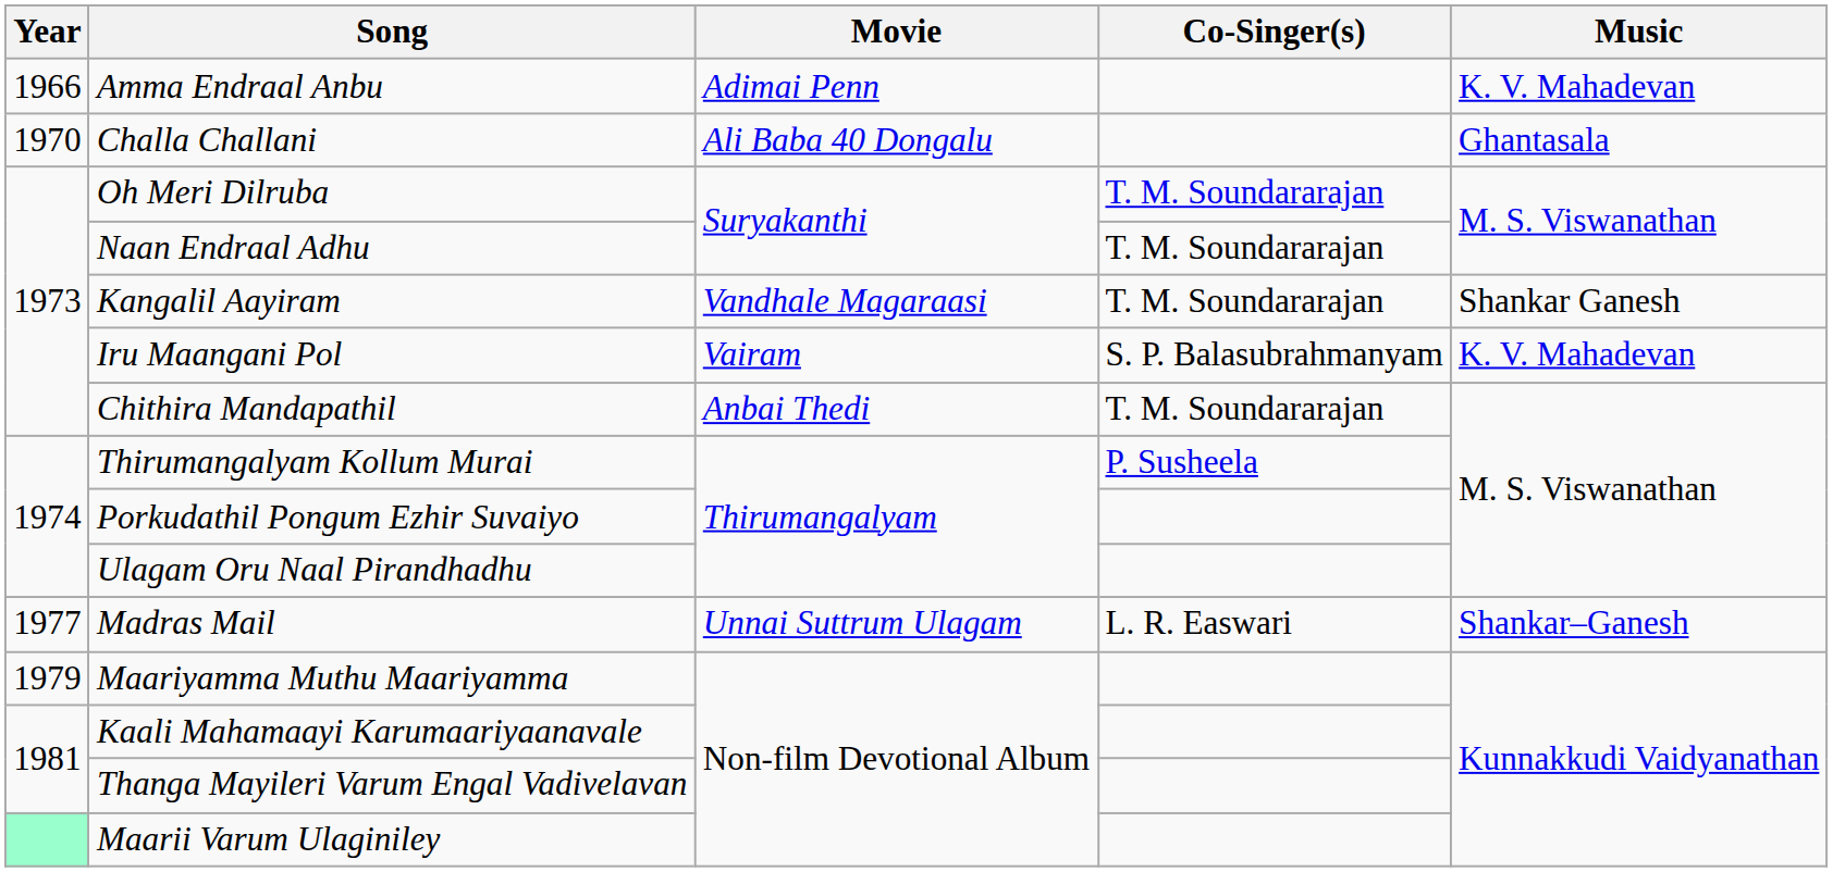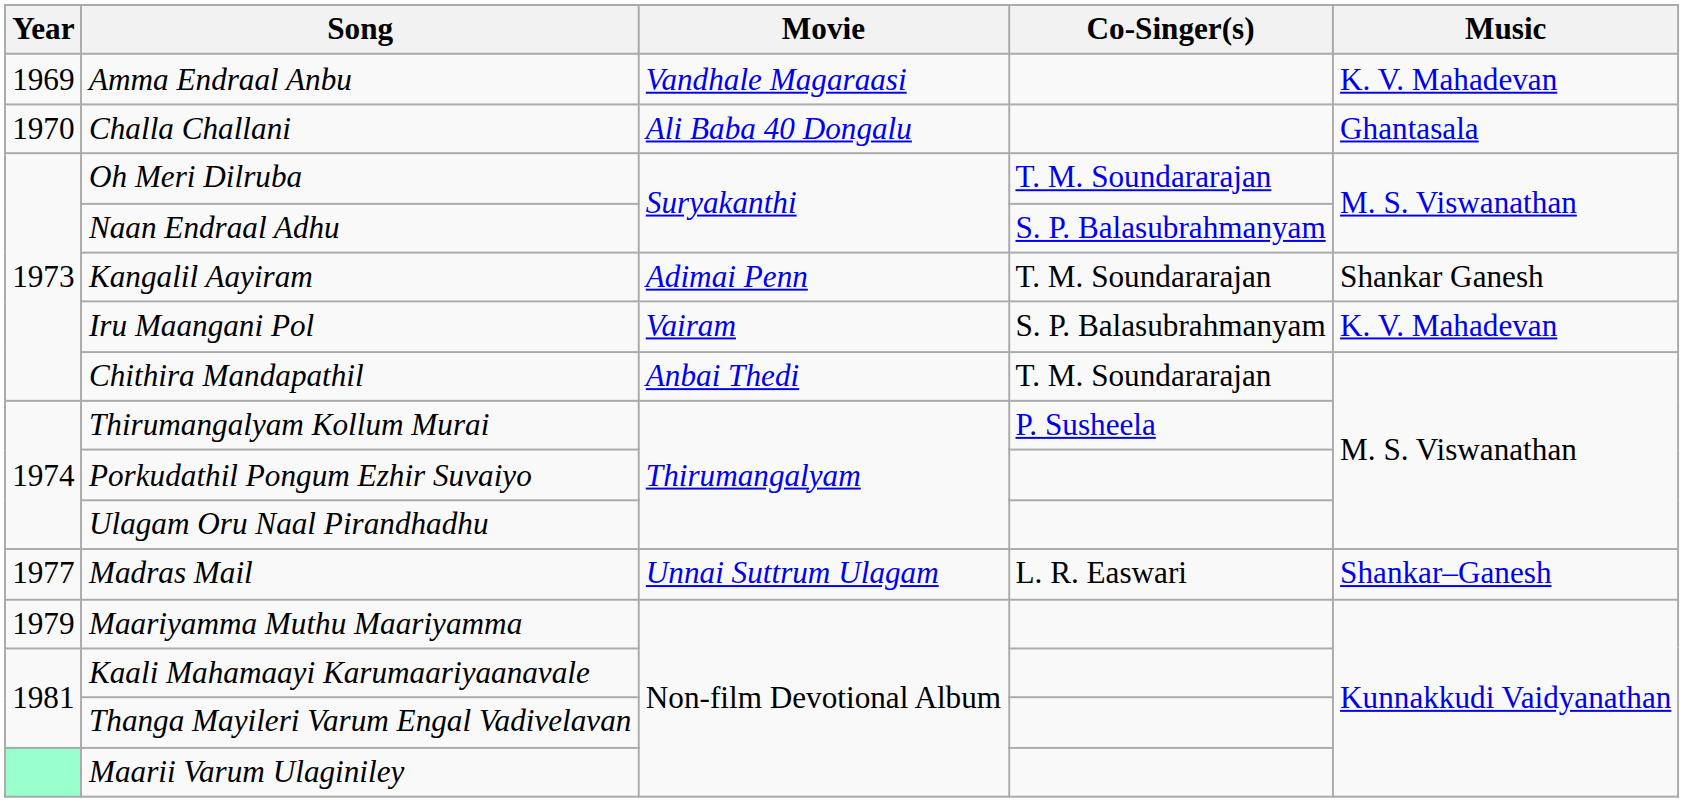 <table class="wikitable">
 <tr style="background:#ccc; text-align:center">
 <th>Year</th>
 <th>Song</th>
 <th>Movie</th>
 <th>Co-Singer(s)</th>
 <th>Music</th>
 </tr>
 <tr>
-<td>1966</td>
+<td>1969</td>
 <td><em>Amma Endraal Anbu</em></td>
-<td><em><a href='#'>Adimai Penn</a></em></td>
+<td><em><a href='#'>Vandhale Magaraasi</a></em></td>
 <td></td>
 <td><a href='#'>K. V. Mahadevan</a></td>
 </tr>
 <tr>
 <td>1970</td>
 <td><em>Challa Challani</em></td>
 <td><em><a href='#'>Ali Baba 40 Dongalu</a></em></td>
 <td></td>
 <td><a href='#'>Ghantasala</a></td>
 </tr>
 <tr>
 <td rowspan="5">1973</td>
 <td><em>Oh Meri Dilruba</em></td>
 <td rowspan="2"><em><a href='#'>Suryakanthi</a></em></td>
 <td><a href='#'>T. M. Soundararajan</a></td>
 <td rowspan="2"><a href='#'>M. S. Viswanathan</a></td>
 </tr>
 <tr>
 <td><em>Naan Endraal Adhu</em></td>
-<td>T. M. Soundararajan</td>
+<td><a href='#'>S. P. Balasubrahmanyam</a></td>
 </tr>
 <tr>
 <td><em>Kangalil Aayiram</em></td>
-<td><em><a href='#'>Vandhale Magaraasi</a></em></td>
+<td><em><a href='#'>Adimai Penn</a></em></td>
 <td>T. M. Soundararajan</td>
 <td>Shankar Ganesh</td>
 </tr>
 <tr>
 <td><em>Iru Maangani Pol</em></td>
 <td><em><a href='#'>Vairam</a></em></td>
 <td>S. P. Balasubrahmanyam</td>
 <td><a href='#'>K. V. Mahadevan</a></td>
 </tr>
 <tr>
 <td><em>Chithira Mandapathil</em></td>
 <td><em><a href='#'>Anbai Thedi</a></em></td>
 <td>T. M. Soundararajan</td>
 <td rowspan="4">M. S. Viswanathan</td>
 </tr>
 <tr>
 <td rowspan="3">1974</td>
 <td><em>Thirumangalyam Kollum Murai</em></td>
 <td rowspan="3"><em><a href='#'>Thirumangalyam</a></em></td>
 <td><a href='#'>P. Susheela</a></td>
 </tr>
 <tr>
 <td><em>Porkudathil Pongum Ezhir Suvaiyo</em></td>
 <td></td>
 </tr>
 <tr>
 <td><em>Ulagam Oru Naal Pirandhadhu</em></td>
 <td></td>
 </tr>
 <tr>
 <td>1977</td>
 <td><em>Madras Mail</em></td>
 <td><em><a href='#'>Unnai Suttrum Ulagam</a></em></td>
 <td>L. R. Easwari</td>
 <td><a href='#'>Shankar–Ganesh</a></td>
 </tr>
 <tr>
 <td>1979</td>
 <td><em>Maariyamma Muthu Maariyamma</em></td>
 <td rowspan="4">Non-film Devotional Album</td>
 <td></td>
 <td rowspan="4"><a href='#'>Kunnakkudi Vaidyanathan</a></td>
 </tr>
 <tr>
 <td rowspan="2">1981</td>
 <td><em>Kaali Mahamaayi Karumaariyaanavale</em></td>
 <td></td>
 </tr>
 <tr>
 <td><em>Thanga Mayileri Varum Engal Vadivelavan</em></td>
 <td></td>
 </tr>
 <tr>
 <td style="background:#9fc;position:center"></td>
 <td><em>Maarii Varum Ulaginiley</em></td>
 <td></td>
 </tr>
 </table>
